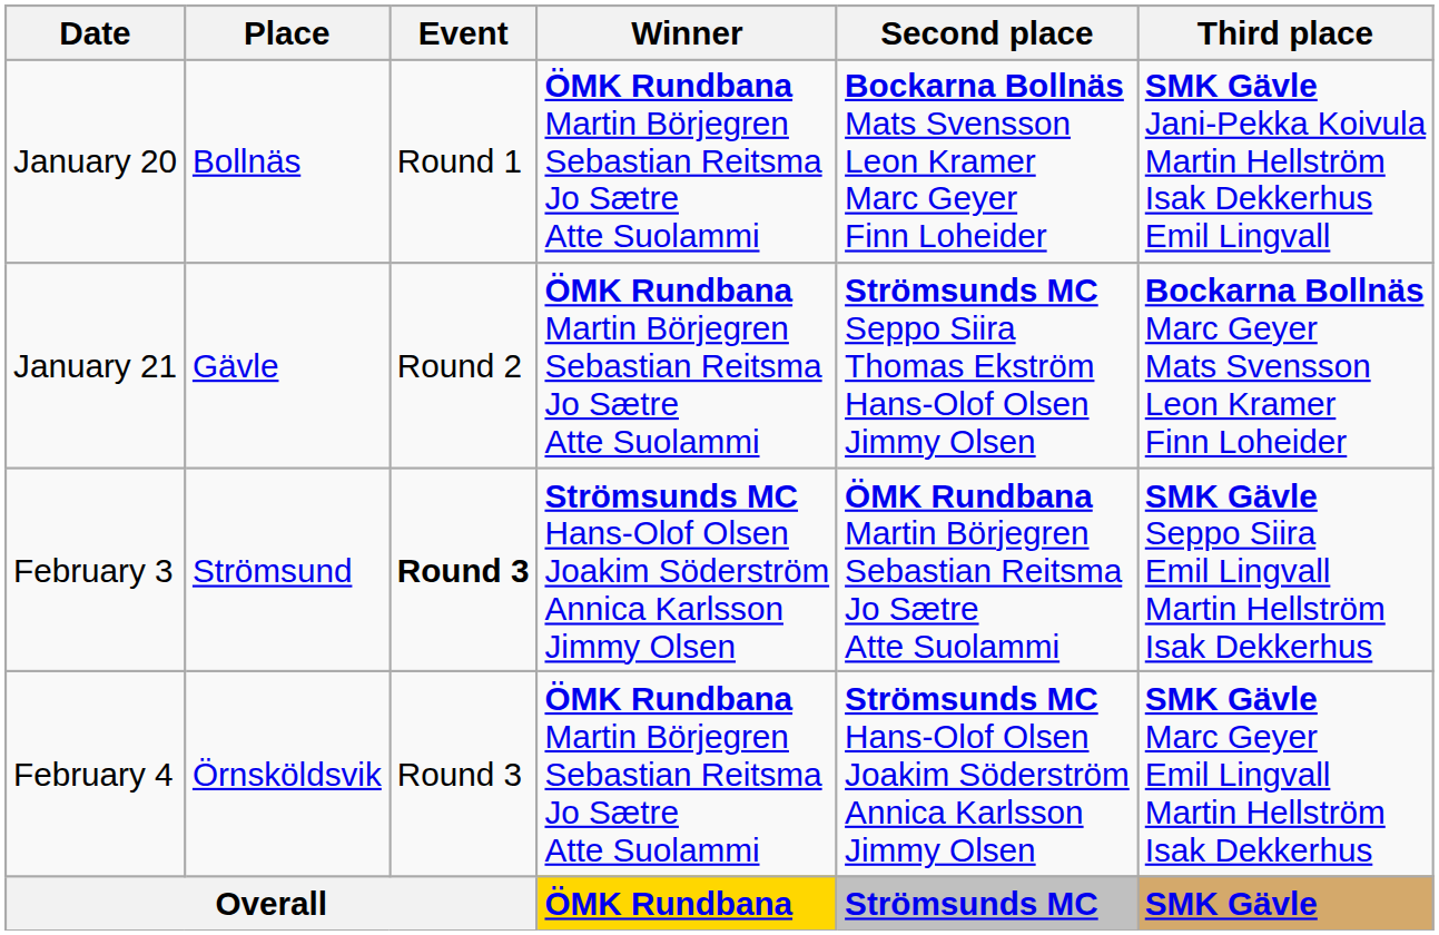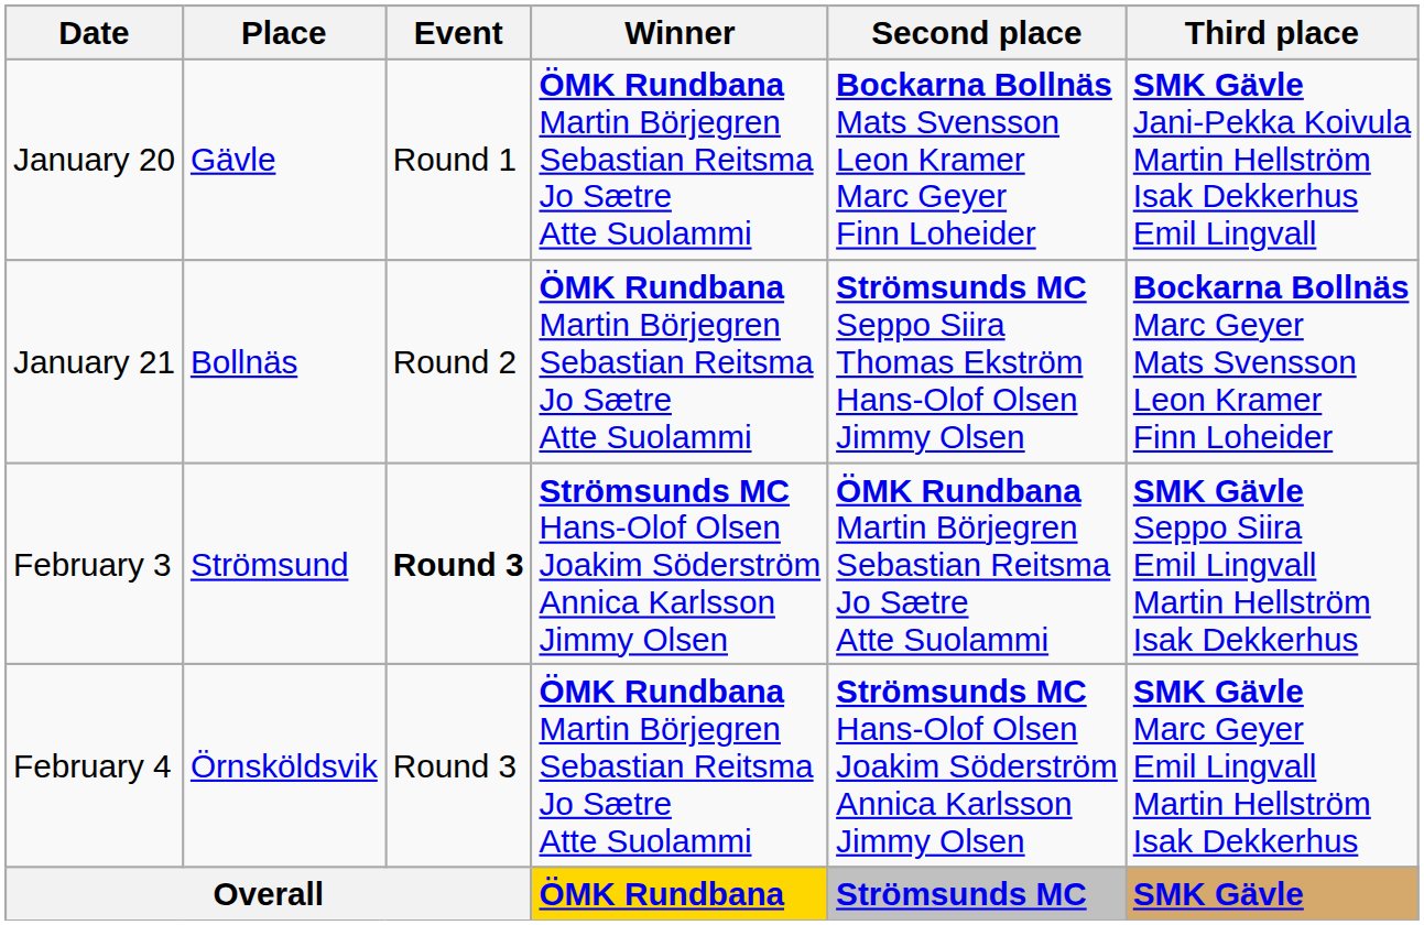 <table class=wikitable style="font-size:14px">
 <tr>
 <th>Date</th>
 <th>Place</th>
 <th>Event</th>
 <th>Winner</th>
 <th>Second place</th>
 <th>Third place</th>
 </tr>
 <tr>
 <td>January 20</td>
-<td> <a href='#'>Bollnäs</a></td>
+<td> <a href='#'>Gävle</a></td>
 <td>Round 1</td>
 <td><strong><a href='#'>ÖMK Rundbana</a></strong><br> <a href='#'>Martin Börjegren</a><br> <a href='#'>Sebastian Reitsma</a><br> <a href='#'>Jo Sætre</a><br> <a href='#'>Atte Suolammi</a></td>
 <td><strong><a href='#'>Bockarna Bollnäs</a></strong><br> <a href='#'>Mats Svensson</a><br> <a href='#'>Leon Kramer</a><br> <a href='#'>Marc Geyer</a><br> <a href='#'>Finn Loheider</a></td>
 <td><strong><a href='#'>SMK Gävle</a></strong><br> <a href='#'>Jani-Pekka Koivula</a><br> <a href='#'>Martin Hellström</a><br> <a href='#'>Isak Dekkerhus</a><br> <a href='#'>Emil Lingvall</a></td>
 </tr>
 <tr>
 <td>January 21</td>
-<td> <a href='#'>Gävle</a></td>
+<td> <a href='#'>Bollnäs</a></td>
 <td>Round 2</td>
 <td><strong><a href='#'>ÖMK Rundbana</a></strong><br> <a href='#'>Martin Börjegren</a><br> <a href='#'>Sebastian Reitsma</a><br> <a href='#'>Jo Sætre</a><br> <a href='#'>Atte Suolammi</a></td>
 <td><strong><a href='#'>Strömsunds MC</a></strong><br> <a href='#'>Seppo Siira</a><br> <a href='#'>Thomas Ekström</a><br> <a href='#'>Hans-Olof Olsen</a><br> <a href='#'>Jimmy Olsen</a></td>
 <td><strong><a href='#'>Bockarna Bollnäs</a></strong><br> <a href='#'>Marc Geyer</a><br> <a href='#'>Mats Svensson</a><br> <a href='#'>Leon Kramer</a><br> <a href='#'>Finn Loheider</a></td>
 </tr>
 <tr>
 <td>February 3</td>
 <td> <a href='#'>Strömsund</a></td>
 <td><strong>Round 3</strong></td>
 <td><strong><a href='#'>Strömsunds MC</a></strong><br> <a href='#'>Hans-Olof Olsen</a><br> <a href='#'>Joakim Söderström</a><br> <a href='#'>Annica Karlsson</a><br> <a href='#'>Jimmy Olsen</a></td>
 <td><strong><a href='#'>ÖMK Rundbana</a></strong><br> <a href='#'>Martin Börjegren</a><br> <a href='#'>Sebastian Reitsma</a><br> <a href='#'>Jo Sætre</a><br> <a href='#'>Atte Suolammi</a></td>
 <td><strong><a href='#'>SMK Gävle</a></strong><br> <a href='#'>Seppo Siira</a><br> <a href='#'>Emil Lingvall</a><br> <a href='#'>Martin Hellström</a><br> <a href='#'>Isak Dekkerhus</a></td>
 </tr>
 <tr>
 <td>February 4</td>
 <td> <a href='#'>Örnsköldsvik</a></td>
 <td>Round 3</td>
 <td><strong><a href='#'>ÖMK Rundbana</a></strong><br> <a href='#'>Martin Börjegren</a><br> <a href='#'>Sebastian Reitsma</a><br> <a href='#'>Jo Sætre</a><br> <a href='#'>Atte Suolammi</a></td>
 <td><strong><a href='#'>Strömsunds MC</a></strong><br> <a href='#'>Hans-Olof Olsen</a><br> <a href='#'>Joakim Söderström</a><br> <a href='#'>Annica Karlsson</a><br> <a href='#'>Jimmy Olsen</a></td>
 <td><strong><a href='#'>SMK Gävle</a></strong><br> <a href='#'>Marc Geyer</a><br> <a href='#'>Emil Lingvall</a><br> <a href='#'>Martin Hellström</a><br> <a href='#'>Isak Dekkerhus</a></td>
 </tr>
 <tr>
 <th colspan=3><strong>Overall</strong></th>
 <td bgcolor=gold><strong><a href='#'>ÖMK Rundbana</a></strong></td>
 <td bgcolor=silver><strong><a href='#'>Strömsunds MC</a></strong></td>
 <td bgcolor=d4a96b><strong><a href='#'>SMK Gävle</a></strong></td>
 </tr>
 </table>
